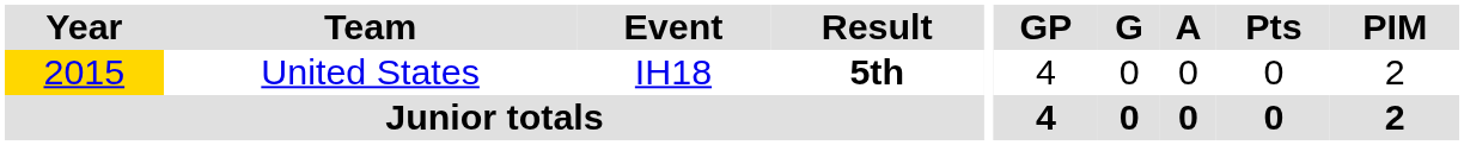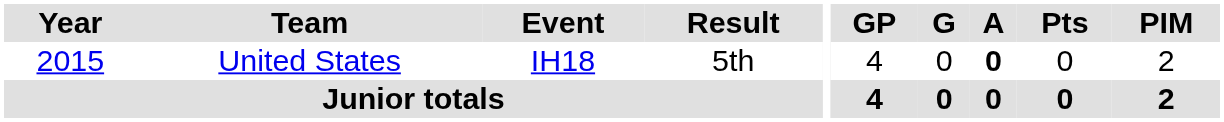 <table border="0" cellpadding="1" cellspacing="0" ID="Table3" style="text-align:center; width:40em">
 <tr ALIGN="center" bgcolor="#e0e0e0">
 <th>Year</th>
 <th>Team</th>
 <th>Event</th>
 <th>Result</th>
 <th rowspan="99" bgcolor="#ffffff"></th>
 <th>GP</th>
 <th>G</th>
 <th>A</th>
 <th>Pts</th>
 <th>PIM</th>
 </tr>
 <tr>
-<td style="background: gold;"><a href='#'>2015</a></td>
+<td><a href='#'>2015</a></td>
 <td><a href='#'>United States</a></td>
 <td><a href='#'>IH18</a></td>
-<td><strong>5th</strong></td>
+<td>5th</td>
 <td>4</td>
 <td>0</td>
-<td>0</td>
+<td><strong>0</strong></td>
 <td>0</td>
 <td>2</td>
 </tr>
 <tr bgcolor="#e0e0e0">
 <th colspan="4">Junior totals</th>
 <th>4</th>
 <th>0</th>
 <th>0</th>
 <th>0</th>
 <th>2</th>
 </tr>
 </table>
